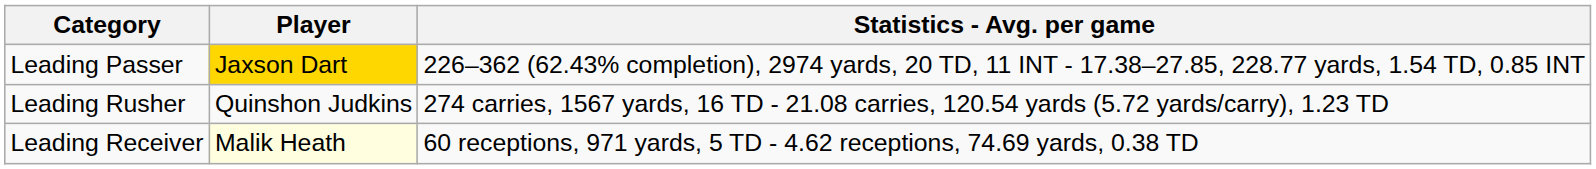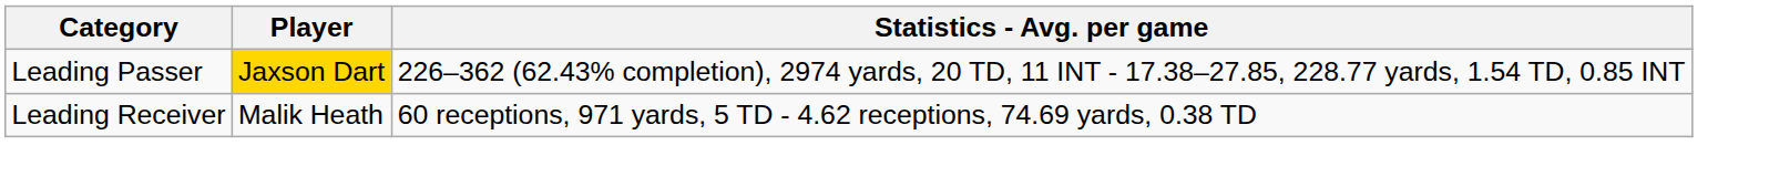 <table class="wikitable" style="float: left;">
 <tr>
 <th>Category</th>
 <th>Player</th>
 <th>Statistics - Avg. per game</th>
 </tr>
 <tr>
 <td>Leading Passer</td>
 <td style="background: gold;">Jaxson Dart</td>
 <td>226–362 (62.43% completion), 2974 yards, 20 TD, 11 INT - 17.38–27.85, 228.77 yards, 1.54 TD, 0.85 INT</td>
 </tr>
 <tr>
-<td>Leading Rusher</td>
-<td>Quinshon Judkins</td>
-<td>274 carries, 1567 yards, 16 TD - 21.08 carries, 120.54 yards (5.72 yards/carry), 1.23 TD</td>
-</tr>
-<tr>
 <td>Leading Receiver</td>
-<td style="background: lightyellow;">Malik Heath</td>
+<td>Malik Heath</td>
 <td>60 receptions, 971 yards, 5 TD - 4.62 receptions, 74.69 yards, 0.38 TD</td>
 </tr>
 </table>
